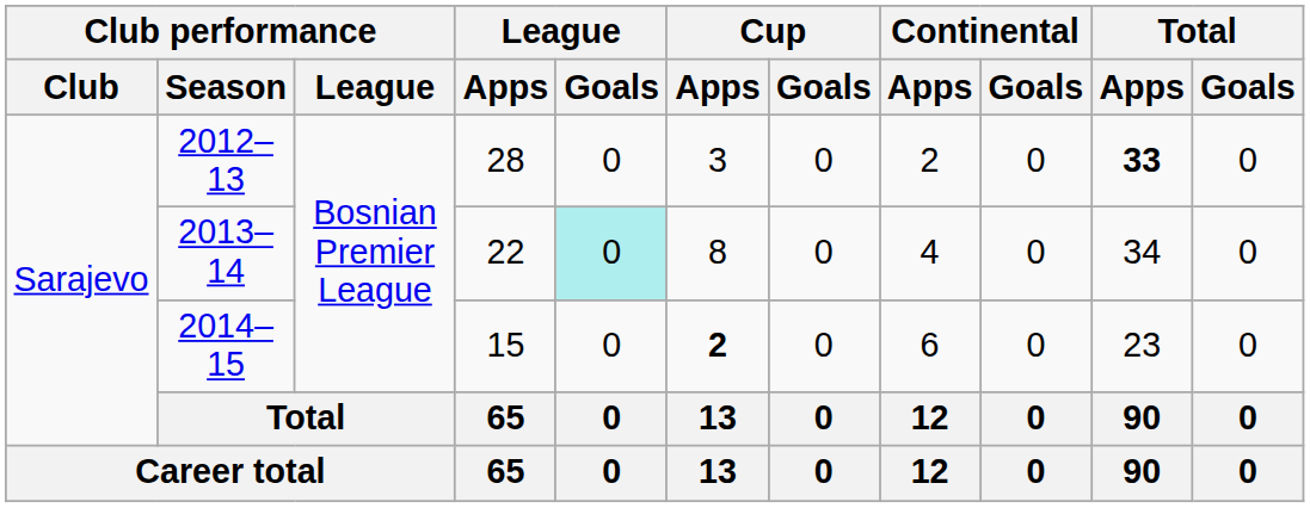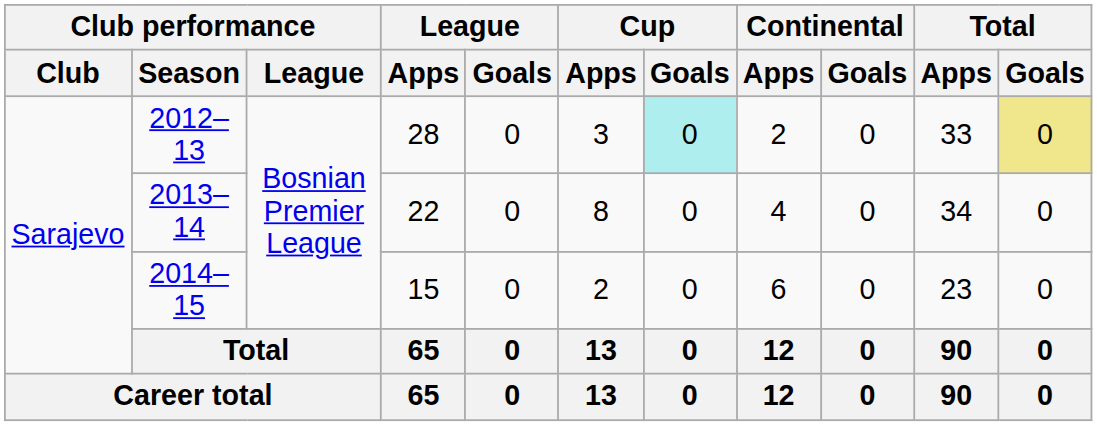 <table class="wikitable" style="text-align:center">
 <tr>
 <th colspan=3>Club performance</th>
 <th colspan=2>League</th>
 <th colspan=2>Cup</th>
 <th colspan=2>Continental</th>
 <th colspan=2>Total</th>
 </tr>
 <tr>
 <th>Club</th>
 <th>Season</th>
 <th>League</th>
 <th>Apps</th>
 <th>Goals</th>
 <th>Apps</th>
 <th>Goals</th>
 <th>Apps</th>
 <th>Goals</th>
 <th>Apps</th>
 <th>Goals</th>
 </tr>
 <tr>
 <td rowspan=4><a href='#'>Sarajevo</a></td>
 <td><a href='#'>2012–13</a></td>
 <td rowspan=3><a href='#'>Bosnian Premier League</a></td>
 <td>28</td>
 <td>0</td>
 <td>3</td>
-<td>0</td>
+<td style="background: paleturquoise;">0</td>
 <td>2</td>
 <td>0</td>
-<td><strong>33</strong></td>
-<td>0</td>
+<td>33</td>
+<td style="background: khaki;">0</td>
 </tr>
 <tr>
 <td><a href='#'>2013–14</a></td>
 <td>22</td>
-<td style="background: paleturquoise;">0</td>
+<td>0</td>
 <td>8</td>
 <td>0</td>
 <td>4</td>
 <td>0</td>
 <td>34</td>
 <td>0</td>
 </tr>
 <tr>
 <td><a href='#'>2014–15</a></td>
 <td>15</td>
 <td>0</td>
-<td><strong>2</strong></td>
+<td>2</td>
 <td>0</td>
 <td>6</td>
 <td>0</td>
 <td>23</td>
 <td>0</td>
 </tr>
 <tr>
 <th colspan=2>Total</th>
 <th>65</th>
 <th>0</th>
 <th>13</th>
 <th>0</th>
 <th>12</th>
 <th>0</th>
 <th>90</th>
 <th>0</th>
 </tr>
 <tr>
 <th colspan=3>Career total</th>
 <th>65</th>
 <th>0</th>
 <th>13</th>
 <th>0</th>
 <th>12</th>
 <th>0</th>
 <th>90</th>
 <th>0</th>
 </tr>
 </table>
